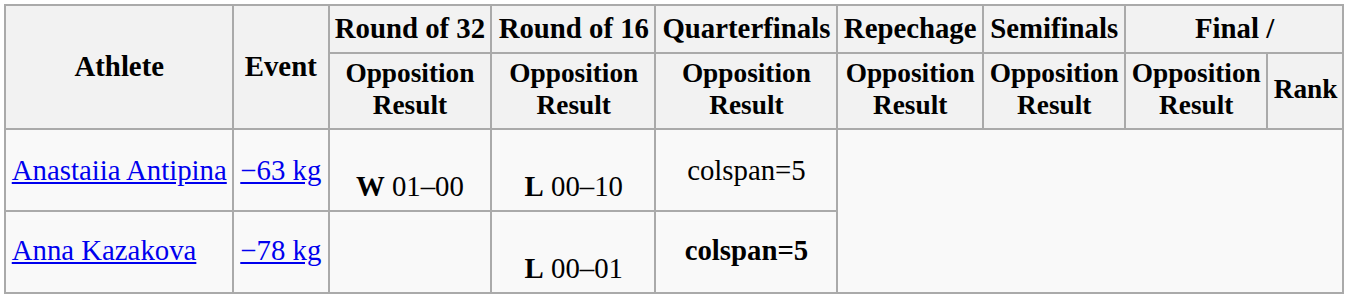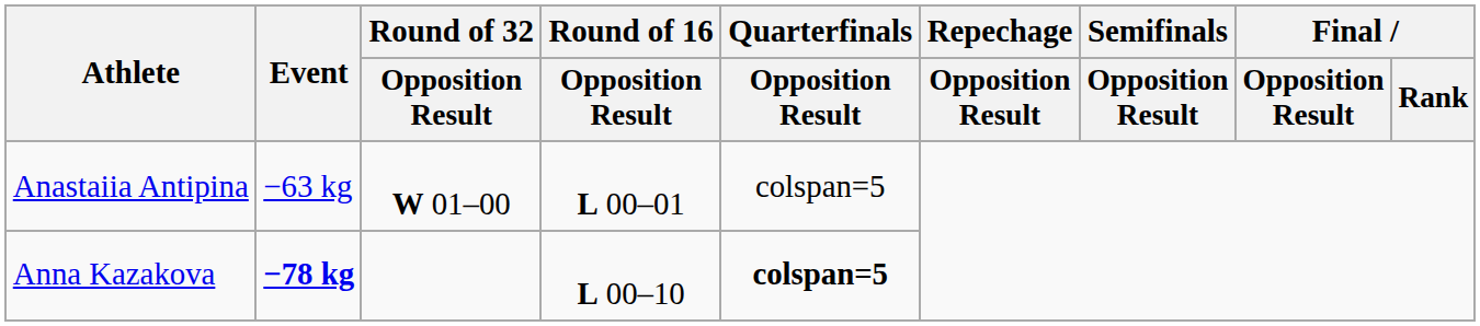 <table class="wikitable" style="font-size:90%">
 <tr>
 <th rowspan="2">Athlete</th>
 <th rowspan="2">Event</th>
 <th>Round of 32</th>
 <th>Round of 16</th>
 <th>Quarterfinals</th>
 <th>Repechage</th>
 <th>Semifinals</th>
 <th colspan=2>Final / </th>
 </tr>
 <tr style="font-size:95%">
 <th>Opposition<br>Result</th>
 <th>Opposition<br>Result</th>
 <th>Opposition<br>Result</th>
 <th>Opposition<br>Result</th>
 <th>Opposition<br>Result</th>
 <th>Opposition<br>Result</th>
 <th>Rank</th>
 </tr>
 <tr align=center>
 <td align=left><a href='#'>Anastaiia Antipina</a></td>
 <td align=left><a href='#'>−63 kg</a></td>
 <td><br><strong>W</strong> 01–00</td>
-<td><br><strong>L</strong> 00–10</td>
+<td><br><strong>L</strong> 00–01</td>
 <td>colspan=5 </td>
 </tr>
 <tr align=center>
 <td align=left><a href='#'>Anna Kazakova</a></td>
-<td align=left><a href='#'>−78 kg</a></td>
+<td align=left><strong><a href='#'>−78 kg</a></strong></td>
 <td></td>
-<td><br><strong>L</strong> 00–01</td>
+<td><br><strong>L</strong> 00–10</td>
 <td><strong>colspan=5 </strong></td>
 </tr>
 </table>
